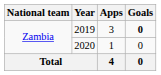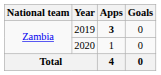 <table class="wikitable" style="text-align:center">
 <tr>
 <th>National team</th>
 <th>Year</th>
 <th>Apps</th>
 <th>Goals</th>
 </tr>
 <tr>
 <td rowspan="2"><a href='#'>Zambia</a></td>
 <td>2019</td>
-<td>3</td>
-<td><strong>0</strong></td>
+<td><strong>3</strong></td>
+<td>0</td>
 </tr>
 <tr>
 <td>2020</td>
 <td>1</td>
 <td>0</td>
 </tr>
 <tr>
 <th colspan=2>Total</th>
 <th>4</th>
 <th>0</th>
 </tr>
 </table>
